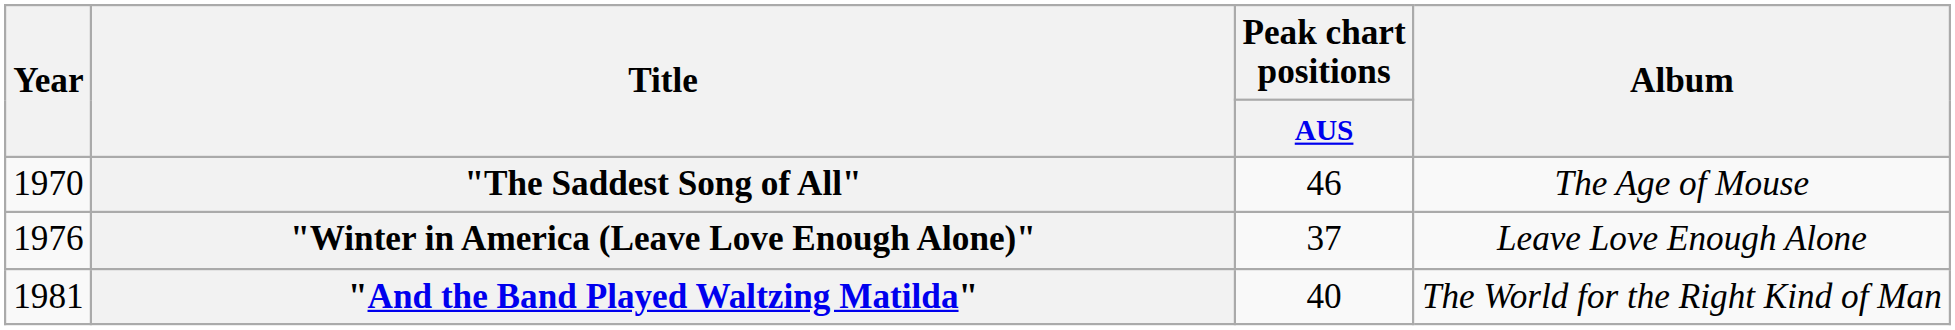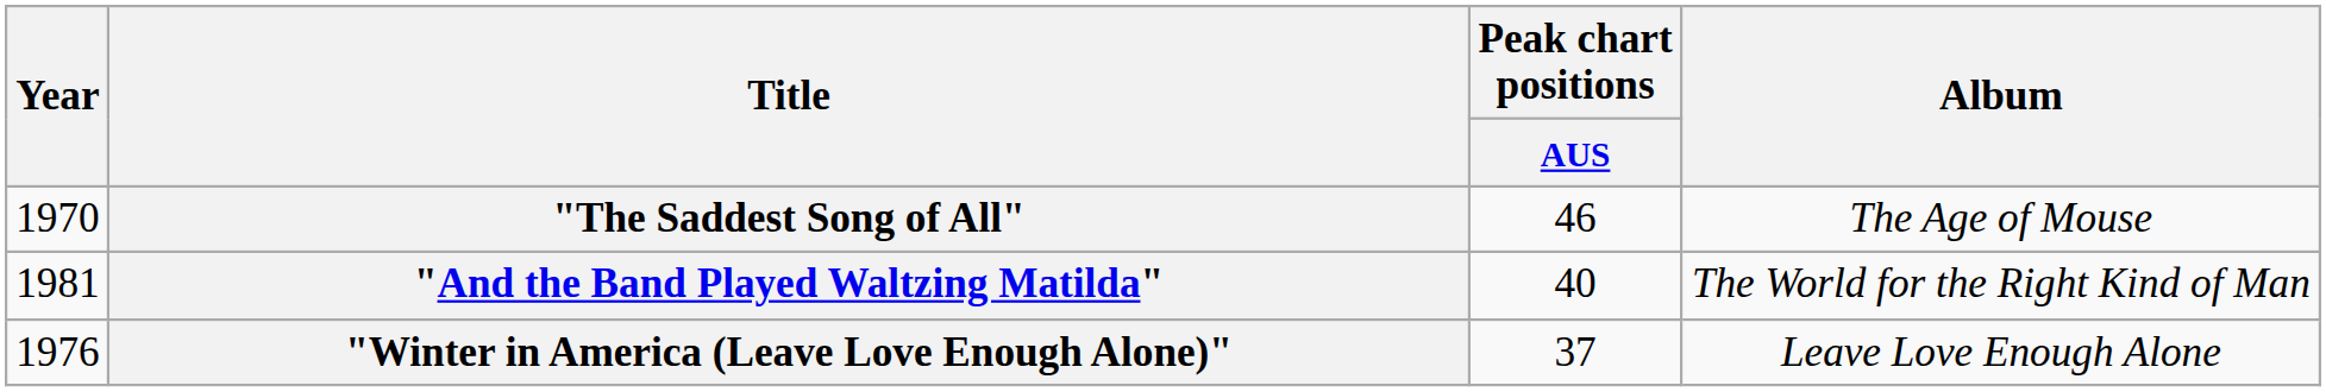 <table class="wikitable plainrowheaders" style="text-align:center;" border="1">
 <tr>
 <th scope="col" rowspan="2">Year</th>
 <th scope="col" rowspan="2" style="width:32em;">Title</th>
 <th scope="col" colspan="1">Peak chart<br>positions</th>
 <th scope="col" rowspan="2">Album</th>
 </tr>
 <tr>
 <th scope="col" style="text-align:center;"><small><a href='#'>AUS</a><br></small></th>
 </tr>
 <tr>
 <td>1970</td>
 <th scope="row">"The Saddest Song of All"</th>
 <td style="text-align:center;">46</td>
 <td><em>The Age of Mouse</em></td>
 </tr>
 <tr>
+<td>1981</td>
+<th scope="row">"<a href='#'>And the Band Played Waltzing Matilda</a>"</th>
+<td style="text-align:center;">40</td>
+<td><em>The World for the Right Kind of Man</em></td>
+</tr>
+<tr>
 <td>1976</td>
 <th scope="row">"Winter in America (Leave Love Enough Alone)"</th>
 <td style="text-align:center;">37</td>
 <td><em>Leave Love Enough Alone</em></td>
 </tr>
-<tr>
-<td>1981</td>
-<th scope="row">"<a href='#'>And the Band Played Waltzing Matilda</a>"</th>
-<td style="text-align:center;">40</td>
-<td><em>The World for the Right Kind of Man</em></td>
-</tr>
 </table>
